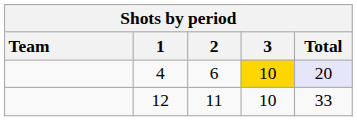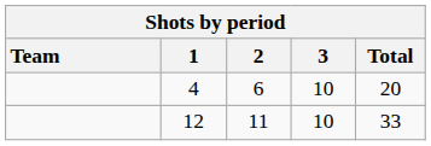 <table class="wikitable" style="width:20em; text-align:right;">
 <tr>
 <th colspan="6">Shots by period</th>
 </tr>
 <tr>
 <th style="width:8em; text-align:left;">Team</th>
 <th style="width:3em;">1</th>
 <th style="width:3em;">2</th>
 <th style="width:3em;">3</th>
 <th style="width:3em;">Total</th>
 </tr>
 <tr style="text-align:center;">
 <td style="text-align:left;"></td>
 <td>4</td>
 <td>6</td>
-<td style="background: gold;">10</td>
-<td style="background: lavender;">20</td>
+<td>10</td>
+<td>20</td>
 </tr>
 <tr style="text-align:center;">
 <td style="text-align:left;"></td>
 <td>12</td>
 <td>11</td>
 <td>10</td>
 <td>33</td>
 </tr>
 </table>
